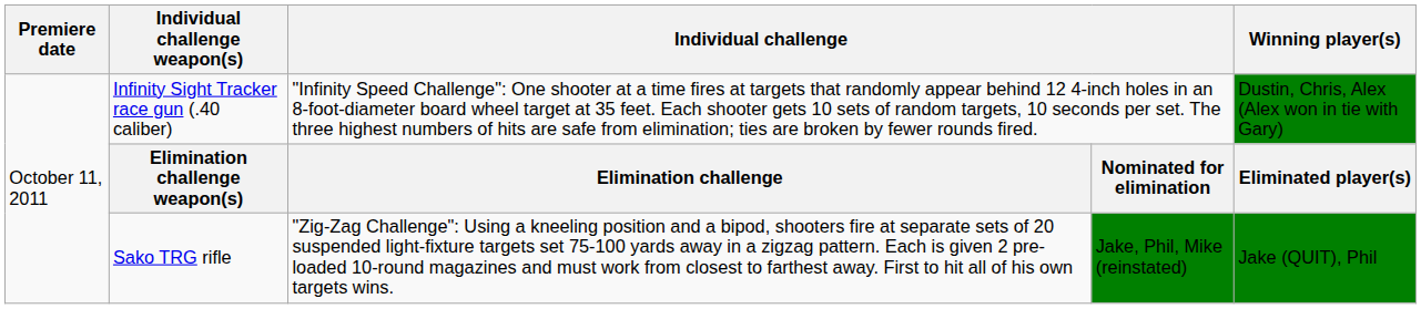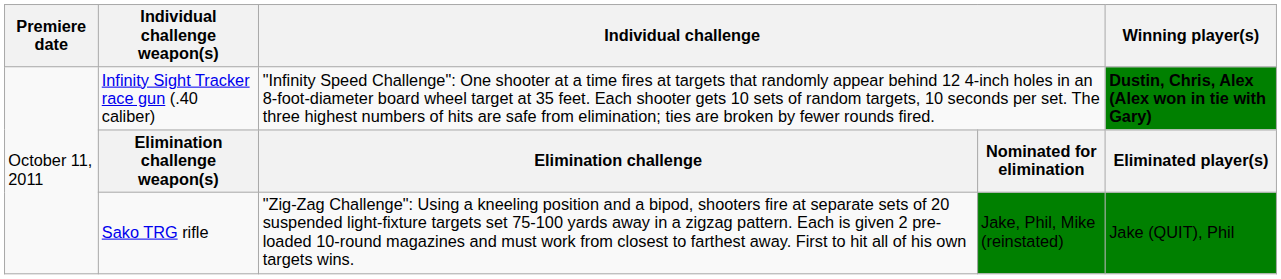 <table class="wikitable">
 <tr>
 <th>Premiere date</th>
 <th>Individual challenge weapon(s)</th>
 <th colspan="2">Individual challenge</th>
 <th>Winning player(s)</th>
 </tr>
 <tr>
 <td rowspan="3">October 11, 2011</td>
 <td><a href='#'>Infinity Sight Tracker</a> <a href='#'>race gun</a> (.40 caliber)</td>
 <td colspan="2">"Infinity Speed Challenge": One shooter at a time fires at targets that randomly appear behind 12 4-inch holes in an 8-foot-diameter board wheel target at 35 feet. Each shooter gets 10 sets of random targets, 10 seconds per set. The three highest numbers of hits are safe from elimination; ties are broken by fewer rounds fired.</td>
-<td style="background:green;"><span>Dustin, Chris, Alex (Alex won in tie with Gary)</span></td>
+<td style="background:green;"><strong><span>Dustin, Chris, Alex (Alex won in tie with Gary)</span></strong></td>
 </tr>
 <tr>
 <th>Elimination challenge weapon(s)</th>
 <th>Elimination challenge</th>
 <th>Nominated for elimination</th>
 <th>Eliminated player(s)</th>
 </tr>
 <tr>
 <td><a href='#'>Sako TRG</a> rifle</td>
 <td>"Zig-Zag Challenge": Using a kneeling position and a bipod, shooters fire at separate sets of 20 suspended light-fixture targets set 75-100 yards away in a zigzag pattern. Each is given 2 pre-loaded 10-round magazines and must work from closest to farthest away. First to hit all of his own targets wins.</td>
 <td style="background:green;"><span>Jake, Phil, Mike (reinstated)</span></td>
 <td style="background:green;"><span>Jake (QUIT), Phil</span></td>
 </tr>
 </table>
